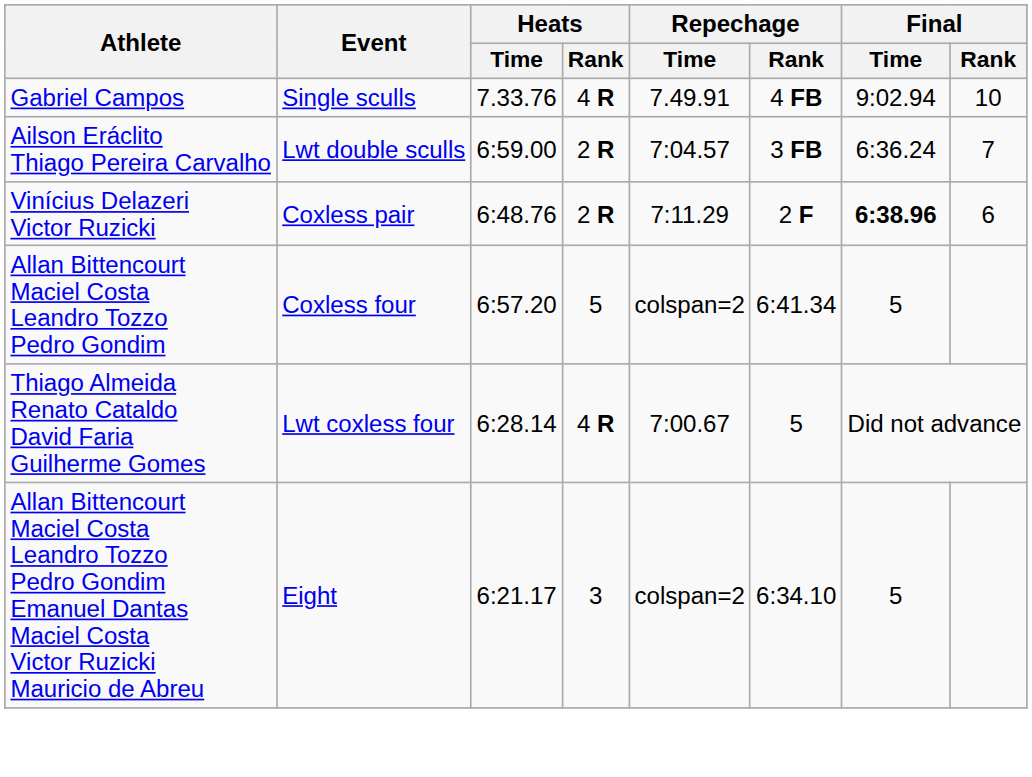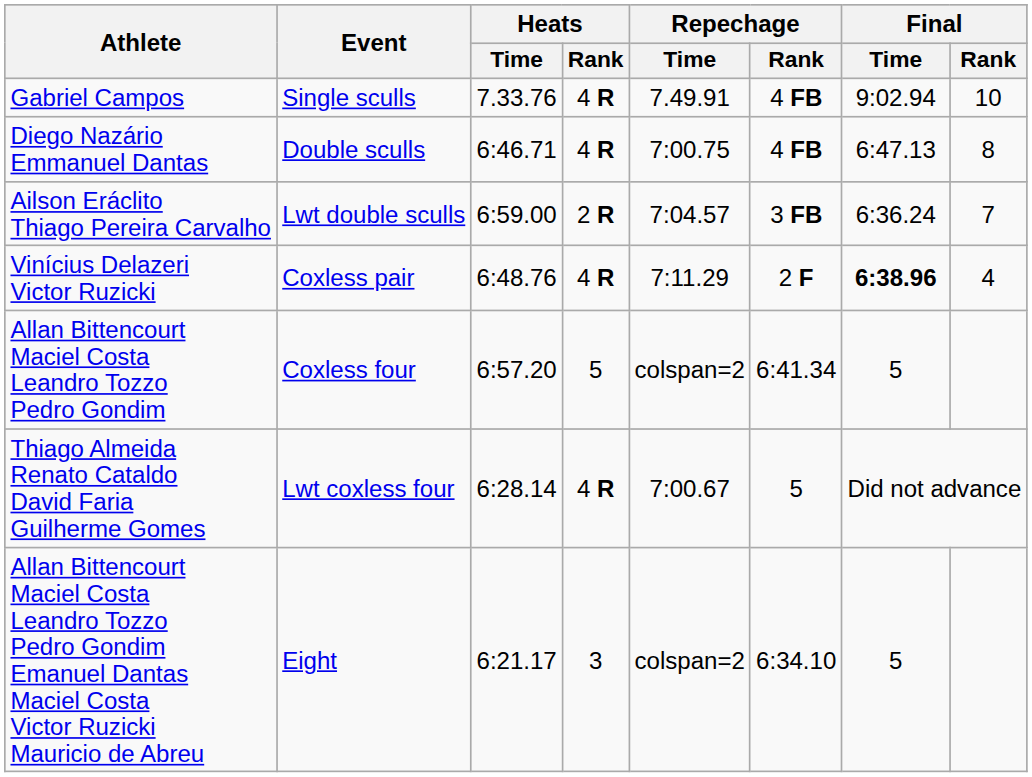 <table class="wikitable" style="font-size:90%">
 <tr>
 <th rowspan=2>Athlete</th>
 <th rowspan=2>Event</th>
 <th colspan="2">Heats</th>
 <th colspan="2">Repechage</th>
 <th colspan="2">Final</th>
 </tr>
 <tr style="font-size:95%">
 <th>Time</th>
 <th>Rank</th>
 <th>Time</th>
 <th>Rank</th>
 <th>Time</th>
 <th>Rank</th>
 </tr>
 <tr align=center>
 <td align=left><a href='#'>Gabriel Campos</a></td>
 <td align=left><a href='#'>Single sculls</a></td>
 <td>7.33.76</td>
 <td>4 <strong>R</strong></td>
 <td>7.49.91</td>
 <td>4 <strong>FB</strong></td>
 <td>9:02.94</td>
 <td>10</td>
 </tr>
 <tr align=center>
+<td align=left><a href='#'>Diego Nazário</a><br><a href='#'>Emmanuel Dantas</a></td>
+<td align=left><a href='#'>Double sculls</a></td>
+<td>6:46.71</td>
+<td>4 <strong>R</strong></td>
+<td>7:00.75</td>
+<td>4 <strong>FB</strong></td>
+<td>6:47.13</td>
+<td>8</td>
+</tr>
+<tr align=center>
 <td align=left><a href='#'>Ailson Eráclito</a><br><a href='#'>Thiago Pereira Carvalho</a></td>
 <td align=left><a href='#'>Lwt double sculls</a></td>
 <td>6:59.00</td>
 <td>2 <strong>R</strong></td>
 <td>7:04.57</td>
 <td>3 <strong>FB</strong></td>
 <td>6:36.24</td>
 <td>7</td>
 </tr>
 <tr align=center>
 <td align=left><a href='#'>Vinícius Delazeri</a><br><a href='#'>Victor Ruzicki</a></td>
 <td align=left><a href='#'>Coxless pair</a></td>
 <td>6:48.76</td>
-<td>2 <strong>R</strong></td>
+<td>4 <strong>R</strong></td>
 <td>7:11.29</td>
 <td>2 <strong>F</strong></td>
 <td><strong>6:38.96</strong></td>
-<td>6</td>
+<td>4</td>
 </tr>
 <tr align=center>
 <td align=left><a href='#'>Allan Bittencourt</a><br><a href='#'>Maciel Costa</a><br><a href='#'>Leandro Tozzo</a><br><a href='#'>Pedro Gondim</a></td>
 <td align=left><a href='#'>Coxless four</a></td>
 <td>6:57.20</td>
 <td>5</td>
 <td>colspan=2 </td>
 <td>6:41.34</td>
 <td>5</td>
 </tr>
 <tr align=center>
 <td align=left><a href='#'>Thiago Almeida</a><br><a href='#'>Renato Cataldo</a><br><a href='#'>David Faria</a><br><a href='#'>Guilherme Gomes</a></td>
 <td align=left><a href='#'>Lwt coxless four</a></td>
 <td>6:28.14</td>
 <td>4 <strong>R</strong></td>
 <td>7:00.67</td>
 <td>5</td>
 <td colspan=2>Did not advance</td>
 </tr>
 <tr align=center>
 <td align=left><a href='#'>Allan Bittencourt</a><br><a href='#'>Maciel Costa</a><br><a href='#'>Leandro Tozzo</a><br><a href='#'>Pedro Gondim</a><br><a href='#'>Emanuel Dantas</a><br><a href='#'>Maciel Costa</a><br><a href='#'>Victor Ruzicki</a><br><a href='#'>Mauricio de Abreu</a></td>
 <td align=left><a href='#'>Eight</a></td>
 <td>6:21.17</td>
 <td>3</td>
 <td>colspan=2 </td>
 <td>6:34.10</td>
 <td>5</td>
 </tr>
 </table>
